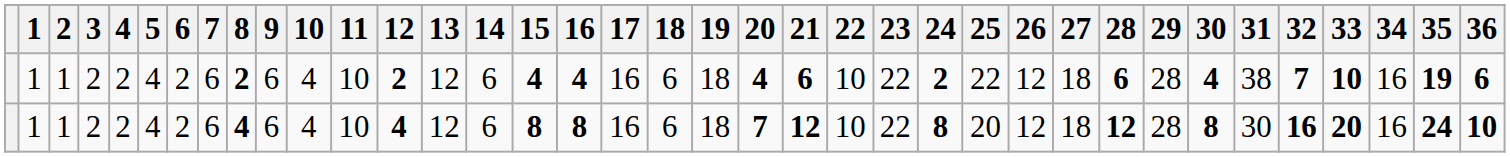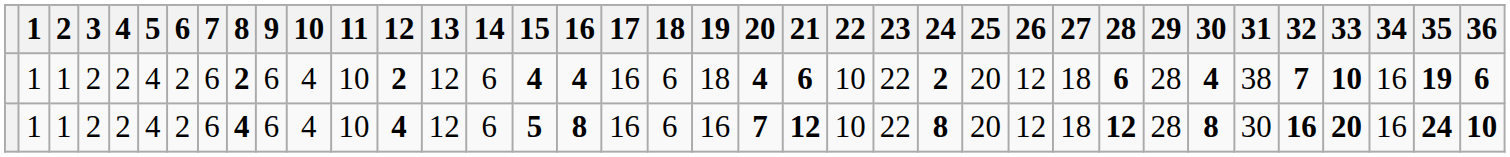 <table class="wikitable" style="text-align: center;">
 <tr>
 <th scope="col"></th>
 <th scope="col">1</th>
 <th scope="col">2</th>
 <th scope="col">3</th>
 <th scope="col">4</th>
 <th scope="col">5</th>
 <th scope="col">6</th>
 <th scope="col">7</th>
 <th scope="col">8</th>
 <th scope="col">9</th>
 <th scope="col">10</th>
 <th scope="col">11</th>
 <th scope="col">12</th>
 <th scope="col">13</th>
 <th scope="col">14</th>
 <th scope="col">15</th>
 <th scope="col">16</th>
 <th scope="col">17</th>
 <th scope="col">18</th>
 <th scope="col">19</th>
 <th scope="col">20</th>
 <th scope="col">21</th>
 <th scope="col">22</th>
 <th scope="col">23</th>
 <th scope="col">24</th>
 <th scope="col">25</th>
 <th scope="col">26</th>
 <th scope="col">27</th>
 <th scope="col">28</th>
 <th scope="col">29</th>
 <th scope="col">30</th>
 <th scope="col">31</th>
 <th scope="col">32</th>
 <th scope="col">33</th>
 <th scope="col">34</th>
 <th scope="col">35</th>
 <th scope="col">36</th>
 </tr>
 <tr>
 <th scope="row"></th>
 <td>1</td>
 <td>1</td>
 <td>2</td>
 <td>2</td>
 <td>4</td>
 <td>2</td>
 <td>6</td>
 <td><strong>2</strong></td>
 <td>6</td>
 <td>4</td>
 <td>10</td>
 <td><strong>2</strong></td>
 <td>12</td>
 <td>6</td>
 <td><strong>4</strong></td>
 <td><strong>4</strong></td>
 <td>16</td>
 <td>6</td>
 <td>18</td>
 <td><strong>4</strong></td>
 <td><strong>6</strong></td>
 <td>10</td>
 <td>22</td>
 <td><strong>2</strong></td>
-<td>22</td>
+<td>20</td>
 <td>12</td>
 <td>18</td>
 <td><strong>6</strong></td>
 <td>28</td>
 <td><strong>4</strong></td>
 <td>38</td>
 <td><strong>7</strong></td>
 <td><strong>10</strong></td>
 <td>16</td>
 <td><strong>19</strong></td>
 <td><strong>6</strong></td>
 </tr>
 <tr>
 <th scope="row"></th>
 <td>1</td>
 <td>1</td>
 <td>2</td>
 <td>2</td>
 <td>4</td>
 <td>2</td>
 <td>6</td>
 <td><strong>4</strong></td>
 <td>6</td>
 <td>4</td>
 <td>10</td>
 <td><strong>4</strong></td>
 <td>12</td>
 <td>6</td>
-<td><strong>8</strong></td>
+<td><strong>5</strong></td>
 <td><strong>8</strong></td>
 <td>16</td>
 <td>6</td>
-<td>18</td>
+<td>16</td>
 <td><strong>7</strong></td>
 <td><strong>12</strong></td>
 <td>10</td>
 <td>22</td>
 <td><strong>8</strong></td>
 <td>20</td>
 <td>12</td>
 <td>18</td>
 <td><strong>12</strong></td>
 <td>28</td>
 <td><strong>8</strong></td>
 <td>30</td>
 <td><strong>16</strong></td>
 <td><strong>20</strong></td>
 <td>16</td>
 <td><strong>24</strong></td>
 <td><strong>10</strong></td>
 </tr>
 </table>
